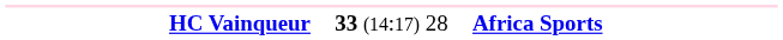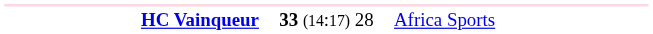 <table style="text-align:center" width=550>
 <tr>
 <th width=30%></th>
 <th width=15%></th>
 <th width=30%></th>
 </tr>
 <tr align="left" bgcolor=#ffd4e4>
 <td colspan=4></td>
 </tr>
 <tr>
 <td align="right"><strong><a href='#'>HC Vainqueur</a></strong> </td>
 <td><strong>33</strong> <small>(14</small>:<small>17)</small> 28</td>
-<td align=left><strong> <a href='#'>Africa Sports</a></strong></td>
+<td align=left> <a href='#'>Africa Sports</a></td>
 </tr>
 </table>
